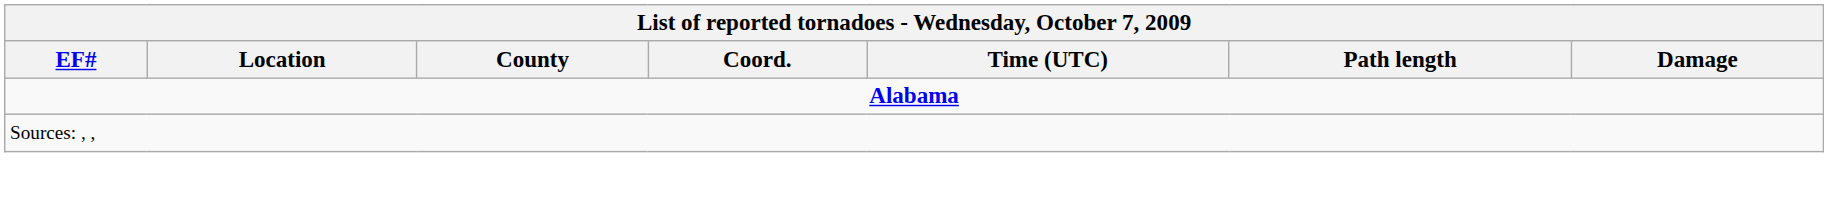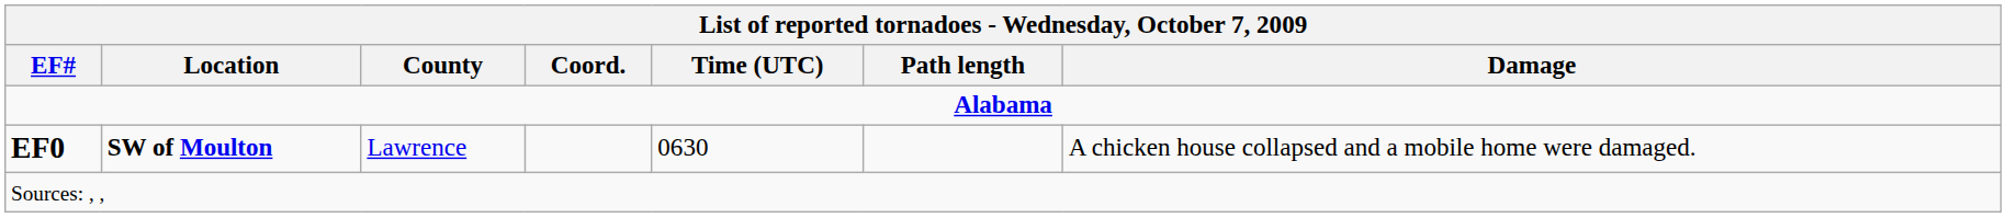 <table class="wikitable collapsible" width="100%">
 <tr>
 <th colspan="7">List of reported tornadoes - Wednesday, October 7, 2009</th>
 </tr>
 <tr>
 <th><a href='#'>EF#</a></th>
 <th>Location</th>
 <th>County</th>
 <th>Coord.</th>
 <th>Time (UTC)</th>
 <th>Path length</th>
 <th>Damage</th>
 </tr>
 <tr>
 <td colspan="7" align=center><strong><a href='#'>Alabama</a></strong></td>
 </tr>
 <tr>
+<td><big><strong>EF0</strong></big></td>
+<td><strong>SW of <a href='#'>Moulton</a></strong></td>
+<td><a href='#'>Lawrence</a></td>
+<td></td>
+<td>0630</td>
+<td></td>
+<td>A chicken house collapsed and a mobile home were damaged.</td>
+</tr>
+<tr>
 <td colspan="7"><small>Sources: , , </small></td>
 </tr>
 </table>
